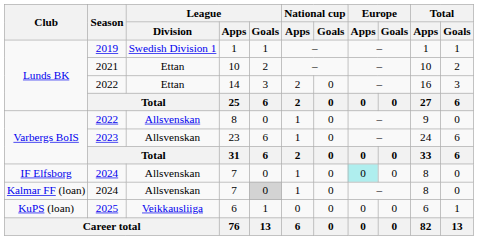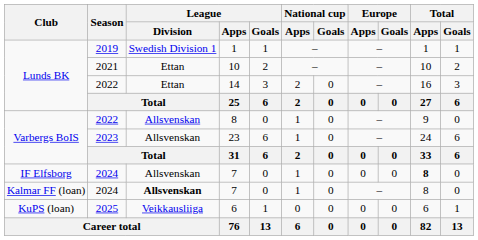 <table class="wikitable" style="text-align:center">
 <tr>
 <th rowspan="2">Club</th>
 <th rowspan="2">Season</th>
 <th colspan="3">League</th>
 <th colspan="2">National cup</th>
 <th colspan="2">Europe</th>
 <th colspan="2">Total</th>
 </tr>
 <tr>
 <th>Division</th>
 <th>Apps</th>
 <th>Goals</th>
 <th>Apps</th>
 <th>Goals</th>
 <th>Apps</th>
 <th>Goals</th>
 <th>Apps</th>
 <th>Goals</th>
 </tr>
 <tr>
 <td rowspan=4><a href='#'>Lunds BK</a></td>
 <td><a href='#'>2019</a></td>
 <td><a href='#'>Swedish Division 1</a></td>
 <td>1</td>
 <td>1</td>
 <td colspan=2>–</td>
 <td colspan=2>–</td>
 <td>1</td>
 <td>1</td>
 </tr>
 <tr>
 <td>2021</td>
 <td>Ettan</td>
 <td>10</td>
 <td>2</td>
 <td colspan=2>–</td>
 <td colspan=2>–</td>
 <td>10</td>
 <td>2</td>
 </tr>
 <tr>
 <td>2022</td>
 <td>Ettan</td>
 <td>14</td>
 <td>3</td>
 <td>2</td>
 <td>0</td>
 <td colspan=2>–</td>
 <td>16</td>
 <td>3</td>
 </tr>
 <tr>
 <th colspan=2>Total</th>
 <th>25</th>
 <th>6</th>
 <th>2</th>
 <th>0</th>
 <th>0</th>
 <th>0</th>
 <th>27</th>
 <th>6</th>
 </tr>
 <tr>
 <td rowspan=3><a href='#'>Varbergs BoIS</a></td>
 <td><a href='#'>2022</a></td>
 <td><a href='#'>Allsvenskan</a></td>
 <td>8</td>
 <td>0</td>
 <td>1</td>
 <td>0</td>
 <td colspan=2>–</td>
 <td>9</td>
 <td>0</td>
 </tr>
 <tr>
 <td><a href='#'>2023</a></td>
 <td>Allsvenskan</td>
 <td>23</td>
 <td>6</td>
 <td>1</td>
 <td>0</td>
 <td colspan=2>–</td>
 <td>24</td>
 <td>6</td>
 </tr>
 <tr>
 <th colspan=2>Total</th>
 <th>31</th>
 <th>6</th>
 <th>2</th>
 <th>0</th>
 <th>0</th>
 <th>0</th>
 <th>33</th>
 <th>6</th>
 </tr>
 <tr>
 <td><a href='#'>IF Elfsborg</a></td>
 <td><a href='#'>2024</a></td>
 <td>Allsvenskan</td>
 <td>7</td>
 <td>0</td>
 <td>1</td>
 <td>0</td>
-<td style="background: paleturquoise;">0</td>
 <td>0</td>
-<td>8</td>
+<td>0</td>
+<td><strong>8</strong></td>
 <td>0</td>
 </tr>
 <tr>
 <td><a href='#'>Kalmar FF</a> (loan)</td>
 <td>2024</td>
-<td>Allsvenskan</td>
+<td><strong>Allsvenskan</strong></td>
 <td>7</td>
-<td style="background: lightgrey;">0</td>
+<td>0</td>
 <td>1</td>
 <td>0</td>
 <td colspan=2>–</td>
 <td>8</td>
 <td>0</td>
 </tr>
 <tr>
 <td><a href='#'>KuPS</a> (loan)</td>
 <td><a href='#'>2025</a></td>
 <td><a href='#'>Veikkausliiga</a></td>
 <td>6</td>
 <td>1</td>
 <td>0</td>
 <td>0</td>
 <td>0</td>
 <td>0</td>
 <td>6</td>
 <td>1</td>
 </tr>
 <tr>
 <th colspan="3">Career total</th>
 <th>76</th>
 <th>13</th>
 <th>6</th>
 <th>0</th>
 <th>0</th>
 <th>0</th>
 <th>82</th>
 <th>13</th>
 </tr>
 </table>
